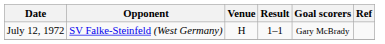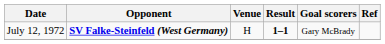 <table class="wikitable" style="font-size:95%; text-align:center">
 <tr>
 <th>Date</th>
 <th>Opponent</th>
 <th>Venue</th>
 <th>Result</th>
 <th>Goal scorers</th>
 <th>Ref</th>
 </tr>
 <tr bgcolor=>
 <td>July 12, 1972</td>
-<td><a href='#'>SV Falke-Steinfeld</a> <em>(West Germany)</em></td>
+<td><strong><a href='#'>SV Falke-Steinfeld</a> <em>(West Germany)</em></strong></td>
 <td>H</td>
-<td>1–1</td>
+<td><strong>1–1</strong></td>
 <td><small>Gary McBrady</small></td>
 <td></td>
 </tr>
 <tr>
 </tr>
 </table>
